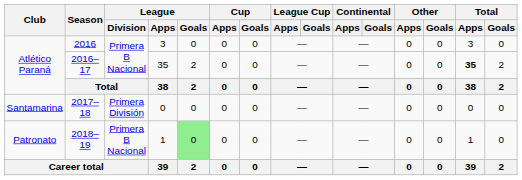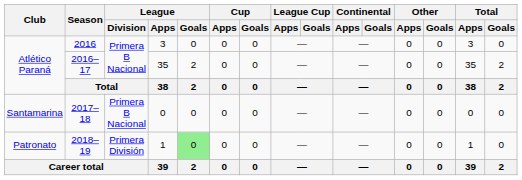 <table class="wikitable" style="text-align:center">
 <tr>
 <th rowspan="2">Club</th>
 <th rowspan="2">Season</th>
 <th colspan="3">League</th>
 <th colspan="2">Cup</th>
 <th colspan="2">League Cup</th>
 <th colspan="2">Continental</th>
 <th colspan="2">Other</th>
 <th colspan="2">Total</th>
 </tr>
 <tr>
 <th>Division</th>
 <th>Apps</th>
 <th>Goals</th>
 <th>Apps</th>
 <th>Goals</th>
 <th>Apps</th>
 <th>Goals</th>
 <th>Apps</th>
 <th>Goals</th>
 <th>Apps</th>
 <th>Goals</th>
 <th>Apps</th>
 <th>Goals</th>
 </tr>
 <tr>
 <td rowspan="3"><a href='#'>Atlético Paraná</a></td>
 <td><a href='#'>2016</a></td>
 <td rowspan="2"><a href='#'>Primera B Nacional</a></td>
 <td>3</td>
 <td>0</td>
 <td>0</td>
 <td>0</td>
 <td colspan="2">—</td>
 <td colspan="2">—</td>
 <td>0</td>
 <td>0</td>
 <td>3</td>
 <td>0</td>
 </tr>
 <tr>
 <td><a href='#'>2016–17</a></td>
 <td>35</td>
 <td>2</td>
 <td>0</td>
 <td>0</td>
 <td colspan="2">—</td>
 <td colspan="2">—</td>
 <td>0</td>
 <td>0</td>
-<td><strong>35</strong></td>
+<td>35</td>
 <td>2</td>
 </tr>
 <tr>
 <th colspan="2">Total</th>
 <th>38</th>
 <th>2</th>
 <th>0</th>
 <th>0</th>
 <th colspan="2">—</th>
 <th colspan="2">—</th>
 <th>0</th>
 <th>0</th>
 <th>38</th>
 <th>2</th>
 </tr>
 <tr>
 <td rowspan="1"><a href='#'>Santamarina</a></td>
 <td><a href='#'>2017–18</a></td>
-<td rowspan="1"><a href='#'>Primera División</a></td>
+<td rowspan="1"><a href='#'>Primera B Nacional</a></td>
 <td>0</td>
 <td>0</td>
 <td>0</td>
 <td>0</td>
 <td colspan="2">—</td>
 <td colspan="2">—</td>
 <td>0</td>
 <td>0</td>
 <td>0</td>
 <td>0</td>
 </tr>
 <tr>
 <td rowspan="1"><a href='#'>Patronato</a></td>
 <td><a href='#'>2018–19</a></td>
-<td rowspan="1"><a href='#'>Primera B Nacional</a></td>
+<td rowspan="1"><a href='#'>Primera División</a></td>
 <td>1</td>
 <td style="background: lightgreen;">0</td>
 <td>0</td>
 <td>0</td>
 <td colspan="2">—</td>
 <td colspan="2">—</td>
 <td>0</td>
 <td>0</td>
 <td>1</td>
 <td>0</td>
 </tr>
 <tr>
 <th colspan="3">Career total</th>
 <th>39</th>
 <th>2</th>
 <th>0</th>
 <th>0</th>
 <th colspan="2">—</th>
 <th colspan="2">—</th>
 <th>0</th>
 <th>0</th>
 <th>39</th>
 <th>2</th>
 </tr>
 </table>
